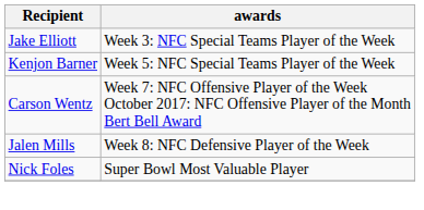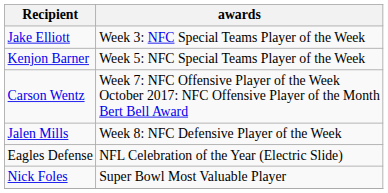 <table class="wikitable">
 <tr>
 <th>Recipient</th>
 <th>awards</th>
 </tr>
 <tr>
 <td><a href='#'>Jake Elliott</a></td>
 <td>Week 3: <a href='#'>NFC</a> Special Teams Player of the Week</td>
 </tr>
 <tr>
 <td><a href='#'>Kenjon Barner</a></td>
 <td>Week 5: NFC Special Teams Player of the Week</td>
 </tr>
 <tr>
 <td><a href='#'>Carson Wentz</a></td>
 <td>Week 7: NFC Offensive Player of the Week <br> October 2017: NFC Offensive Player of the Month<br><a href='#'>Bert Bell Award</a></td>
 </tr>
 <tr>
 <td><a href='#'>Jalen Mills</a></td>
 <td>Week 8: NFC Defensive Player of the Week</td>
 </tr>
 <tr>
+<td>Eagles Defense</td>
+<td>NFL Celebration of the Year (Electric Slide)</td>
+</tr>
+<tr>
 <td><a href='#'>Nick Foles</a></td>
 <td>Super Bowl Most Valuable Player</td>
 </tr>
 <tr>
 </tr>
 </table>
